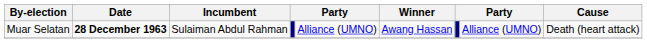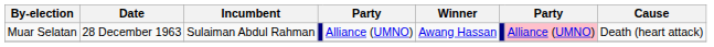 <table class="wikitable">
 <tr>
 <th>By-election</th>
 <th>Date</th>
 <th>Incumbent</th>
 <th colspan=2>Party</th>
 <th>Winner</th>
 <th colspan=2>Party</th>
 <th>Cause</th>
 </tr>
 <tr>
 <td>Muar Selatan</td>
-<td><strong>28 December 1963</strong></td>
+<td>28 December 1963</td>
 <td>Sulaiman Abdul Rahman</td>
 <td bgcolor=#000080></td>
 <td><a href='#'>Alliance</a> (<a href='#'>UMNO</a>)</td>
 <td><a href='#'>Awang Hassan</a></td>
 <td bgcolor=#000080></td>
-<td><a href='#'>Alliance</a> (<a href='#'>UMNO</a>)</td>
+<td style="background: pink;"><a href='#'>Alliance</a> (<a href='#'>UMNO</a>)</td>
 <td>Death (heart attack)</td>
 </tr>
 <tr>
 </tr>
 </table>
